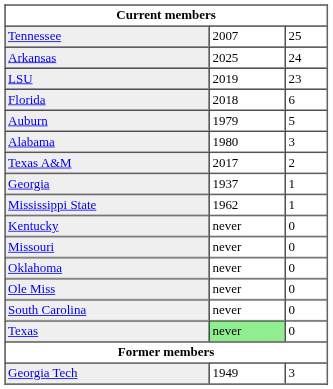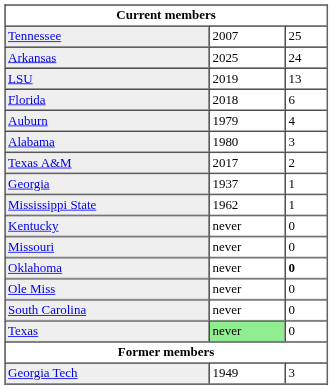 <table border="1" cellpadding="3" cellspacing="0" align="right" width="400px">
 <tr>
 </tr>
 <tr>
 <td colspan=3 align="center"><strong>Current members</strong></td>
 </tr>
 <tr>
 <td bgcolor="#efefef"><a href='#'>Tennessee</a></td>
 <td>2007</td>
 <td>25</td>
 </tr>
 <tr>
 <td bgcolor=#efefef><a href='#'>Arkansas</a></td>
 <td>2025</td>
 <td>24</td>
 </tr>
 <tr>
 <td bgcolor="#efefef"><a href='#'>LSU</a></td>
 <td>2019</td>
-<td>23</td>
+<td>13</td>
 </tr>
 <tr>
 <td bgcolor="#efefef"><a href='#'>Florida</a></td>
 <td>2018</td>
 <td>6</td>
 </tr>
 <tr>
 <td bgcolor="#efefef"><a href='#'>Auburn</a></td>
 <td>1979</td>
-<td>5</td>
+<td>4</td>
 </tr>
 <tr>
 <td bgcolor="#efefef"><a href='#'>Alabama</a></td>
 <td>1980</td>
 <td>3</td>
 </tr>
 <tr>
 <td bgcolor="#efefef"><a href='#'>Texas A&M</a></td>
 <td>2017</td>
 <td>2</td>
 </tr>
 <tr>
 <td bgcolor="#efefef"><a href='#'>Georgia</a></td>
 <td>1937</td>
 <td>1</td>
 </tr>
 <tr>
 <td bgcolor="#efefef"><a href='#'>Mississippi State</a></td>
 <td>1962</td>
 <td>1</td>
 </tr>
 <tr>
 <td bgcolor="#efefef"><a href='#'>Kentucky</a></td>
 <td>never</td>
 <td>0</td>
 </tr>
 <tr>
 <td bgcolor="#efefef"><a href='#'>Missouri</a></td>
 <td>never</td>
 <td>0</td>
 </tr>
 <tr>
 <td bgcolor="#efefef"><a href='#'>Oklahoma</a></td>
 <td>never</td>
-<td>0</td>
+<td><strong>0</strong></td>
 </tr>
 <tr>
 <td bgcolor="#efefef"><a href='#'>Ole Miss</a></td>
 <td>never</td>
 <td>0</td>
 </tr>
 <tr>
 <td bgcolor="#efefef"><a href='#'>South Carolina</a></td>
 <td>never</td>
 <td>0</td>
 </tr>
 <tr>
 <td bgcolor="#efefef"><a href='#'>Texas</a></td>
 <td style="background: lightgreen;">never</td>
 <td>0</td>
 </tr>
 <tr>
 <td colspan=5 align="center"><strong>Former members</strong></td>
 </tr>
 <tr>
 <td bgcolor="#efefef"><a href='#'>Georgia Tech</a></td>
 <td>1949</td>
 <td>3</td>
 </tr>
 </table>
